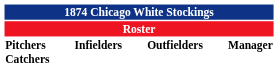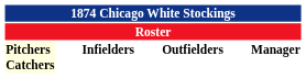 <table class="toccolours" style="font-size: 95%;">
 <tr>
 <th colspan="10" style="background-color: #0e3386; color: white; text-align: center;">1874 Chicago White Stockings</th>
 </tr>
 <tr>
 <td colspan="10" style="background-color: #EE1422; color: white; text-align: center;"><strong>Roster</strong></td>
 </tr>
 <tr>
-<td valign="top"><strong>Pitchers</strong><br> <strong>Catchers</strong>   </td>
+<td valign="top" style="background: lightyellow;"><strong>Pitchers</strong><br> <strong>Catchers</strong>   </td>
 <td width="25px"></td>
 <td valign="top"><strong>Infielders</strong><br>    </td>
 <td width="25px"></td>
 <td valign="top"><strong>Outfielders</strong><br>   </td>
 <td width="25px"></td>
 <td valign="top"><strong>Manager</strong><br> </td>
 </tr>
 <tr>
 </tr>
 </table>
